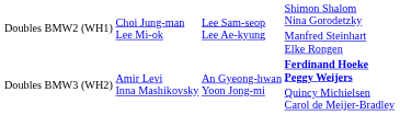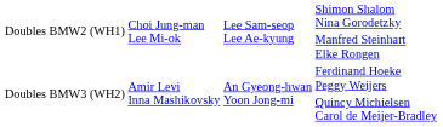 <table>
 <tr>
 <td rowspan=2>Doubles BMW2 (WH1)</td>
 <td rowspan=2> <a href='#'>Choi Jung-man</a><br> <a href='#'>Lee Mi-ok</a></td>
 <td rowspan=2> <a href='#'>Lee Sam-seop</a><br> <a href='#'>Lee Ae-kyung</a></td>
 <td> <a href='#'>Shimon Shalom</a><br> <a href='#'>Nina Gorodetzky</a></td>
 </tr>
 <tr>
 <td> <a href='#'>Manfred Steinhart</a><br> <a href='#'>Elke Rongen</a></td>
 </tr>
 <tr>
 <td rowspan=2>Doubles BMW3 (WH2)</td>
 <td rowspan=2> <a href='#'>Amir Levi</a><br> <a href='#'>Inna Mashikovsky</a></td>
 <td rowspan=2> <a href='#'>An Gyeong-hwan</a><br> <a href='#'>Yoon Jong-mi</a></td>
-<td><strong> <a href='#'>Ferdinand Hoeke</a><br> <a href='#'>Peggy Weijers</a></strong></td>
+<td> <a href='#'>Ferdinand Hoeke</a><br> <a href='#'>Peggy Weijers</a></td>
 </tr>
 <tr>
 <td> <a href='#'>Quincy Michielsen</a><br> <a href='#'>Carol de Meijer-Bradley</a></td>
 </tr>
 </table>
